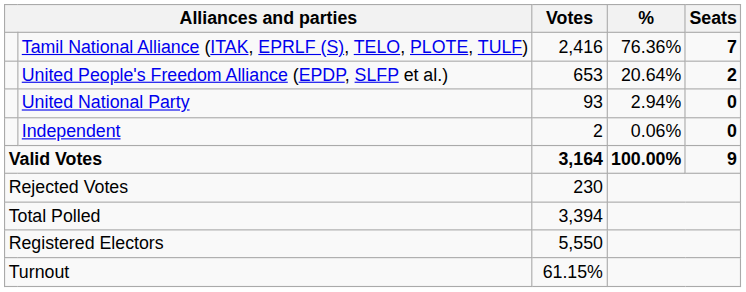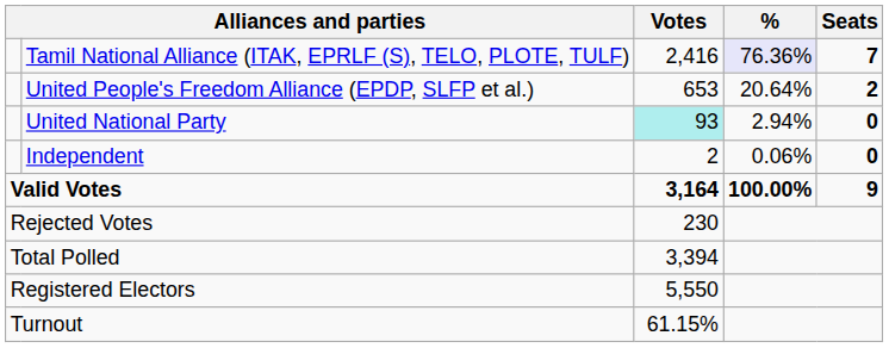 <table class="wikitable" border="1" style="text-align:right;">
 <tr>
 <th valign=bottom align=left colspan=2>Alliances and parties</th>
 <th valign=bottom align=center width="60">Votes</th>
 <th valign=bottom align=center width="50">%</th>
 <th valign=bottom align=center>Seats</th>
 </tr>
 <tr>
 <td bgcolor=> </td>
 <td align=left><a href='#'>Tamil National Alliance</a> (<a href='#'>ITAK</a>, <a href='#'>EPRLF (S)</a>, <a href='#'>TELO</a>, <a href='#'>PLOTE</a>, <a href='#'>TULF</a>)</td>
 <td>2,416</td>
-<td>76.36%</td>
+<td style="background: lavender;">76.36%</td>
 <td><strong>7</strong></td>
 </tr>
 <tr>
 <td bgcolor=> </td>
 <td align=left><a href='#'>United People's Freedom Alliance</a> (<a href='#'>EPDP</a>, <a href='#'>SLFP</a> et al.)</td>
 <td>653</td>
 <td>20.64%</td>
 <td><strong>2</strong></td>
 </tr>
 <tr>
 <td bgcolor=> </td>
 <td align=left><a href='#'>United National Party</a></td>
-<td>93</td>
+<td style="background: paleturquoise;">93</td>
 <td>2.94%</td>
 <td><strong>0</strong></td>
 </tr>
 <tr>
 <td></td>
 <td align=left><a href='#'>Independent</a></td>
 <td>2</td>
 <td>0.06%</td>
 <td><strong>0</strong></td>
 </tr>
 <tr>
 <td colspan=2 align=left><strong>Valid Votes</strong></td>
 <td><strong>3,164</strong></td>
 <td><strong>100.00%</strong></td>
 <td><strong>9</strong></td>
 </tr>
 <tr>
 <td colspan=2 align=left>Rejected Votes</td>
 <td>230</td>
 <td colspan=2></td>
 </tr>
 <tr>
 <td colspan=2 align=left>Total Polled</td>
 <td>3,394</td>
 <td colspan=2></td>
 </tr>
 <tr>
 <td colspan=2 align=left>Registered Electors</td>
 <td>5,550</td>
 <td colspan=2></td>
 </tr>
 <tr>
 <td colspan=2 align=left>Turnout</td>
 <td>61.15%</td>
 <td colspan=2></td>
 </tr>
 </table>
